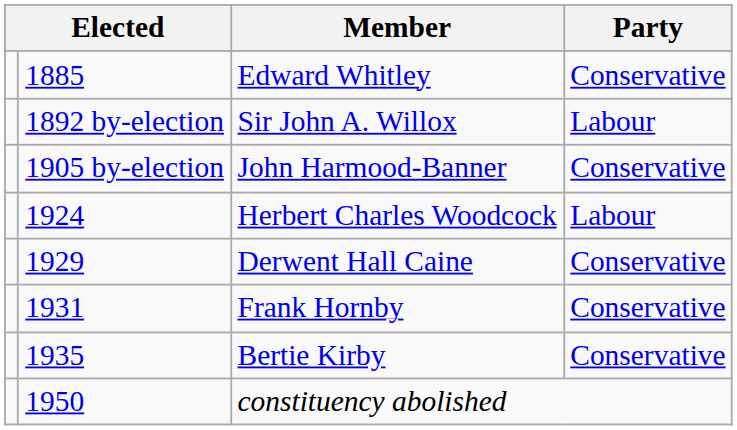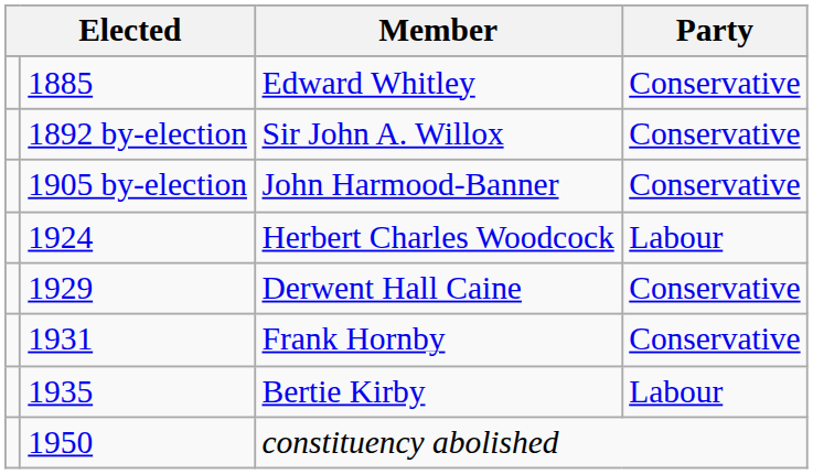 <table class="wikitable">
 <tr>
 <th colspan="2">Elected</th>
 <th>Member</th>
 <th>Party</th>
 </tr>
 <tr>
 <td style="color:inherit;background-color: "></td>
 <td><a href='#'>1885</a></td>
 <td><a href='#'>Edward Whitley</a></td>
 <td><a href='#'>Conservative</a></td>
 </tr>
 <tr>
 <td style="color:inherit;background-color: "></td>
 <td><a href='#'>1892 by-election</a></td>
 <td><a href='#'>Sir John A. Willox</a></td>
-<td><a href='#'>Labour</a></td>
+<td><a href='#'>Conservative</a></td>
 </tr>
 <tr>
 <td style="color:inherit;background-color: "></td>
 <td><a href='#'>1905 by-election</a></td>
 <td><a href='#'>John Harmood-Banner</a></td>
 <td><a href='#'>Conservative</a></td>
 </tr>
 <tr>
 <td style="color:inherit;background-color: "></td>
 <td><a href='#'>1924</a></td>
 <td><a href='#'>Herbert Charles Woodcock</a></td>
 <td><a href='#'>Labour</a></td>
 </tr>
 <tr>
 <td style="color:inherit;background-color: "></td>
 <td><a href='#'>1929</a></td>
 <td><a href='#'>Derwent Hall Caine</a></td>
 <td><a href='#'>Conservative</a></td>
 </tr>
 <tr>
 <td style="color:inherit;background-color: "></td>
 <td><a href='#'>1931</a></td>
 <td><a href='#'>Frank Hornby</a></td>
 <td><a href='#'>Conservative</a></td>
 </tr>
 <tr>
 <td style="color:inherit;background-color: "></td>
 <td><a href='#'>1935</a></td>
 <td><a href='#'>Bertie Kirby</a></td>
-<td><a href='#'>Conservative</a></td>
+<td><a href='#'>Labour</a></td>
 </tr>
 <tr>
 <td></td>
 <td><a href='#'>1950</a></td>
 <td colspan="2"><em>constituency abolished</em></td>
 </tr>
 </table>
